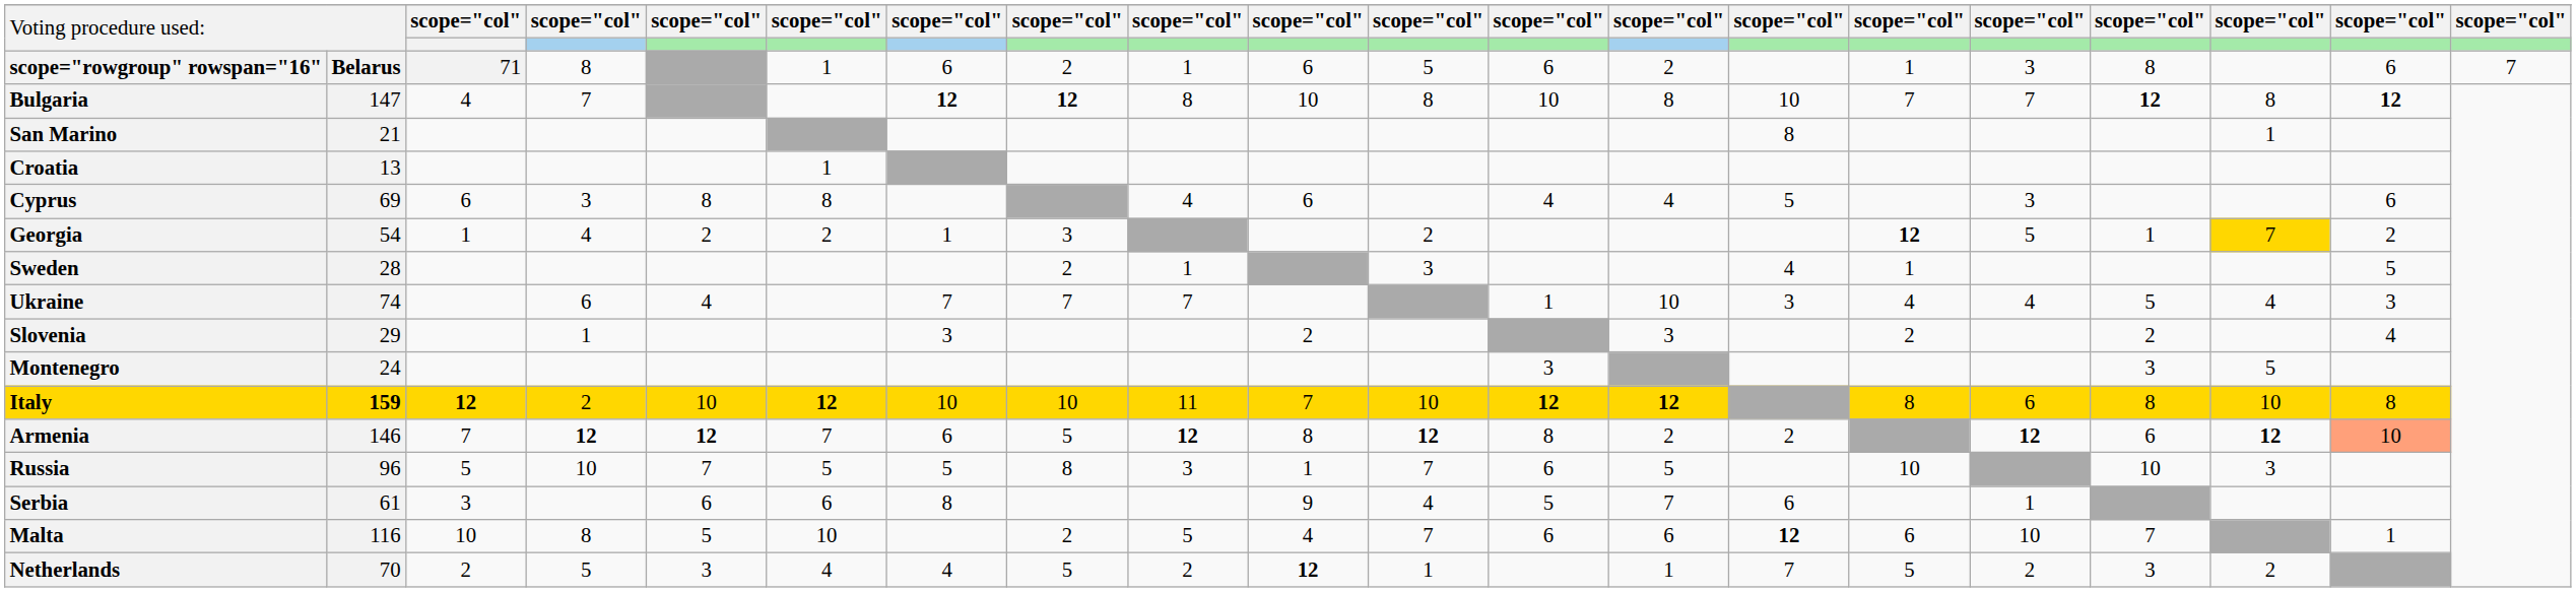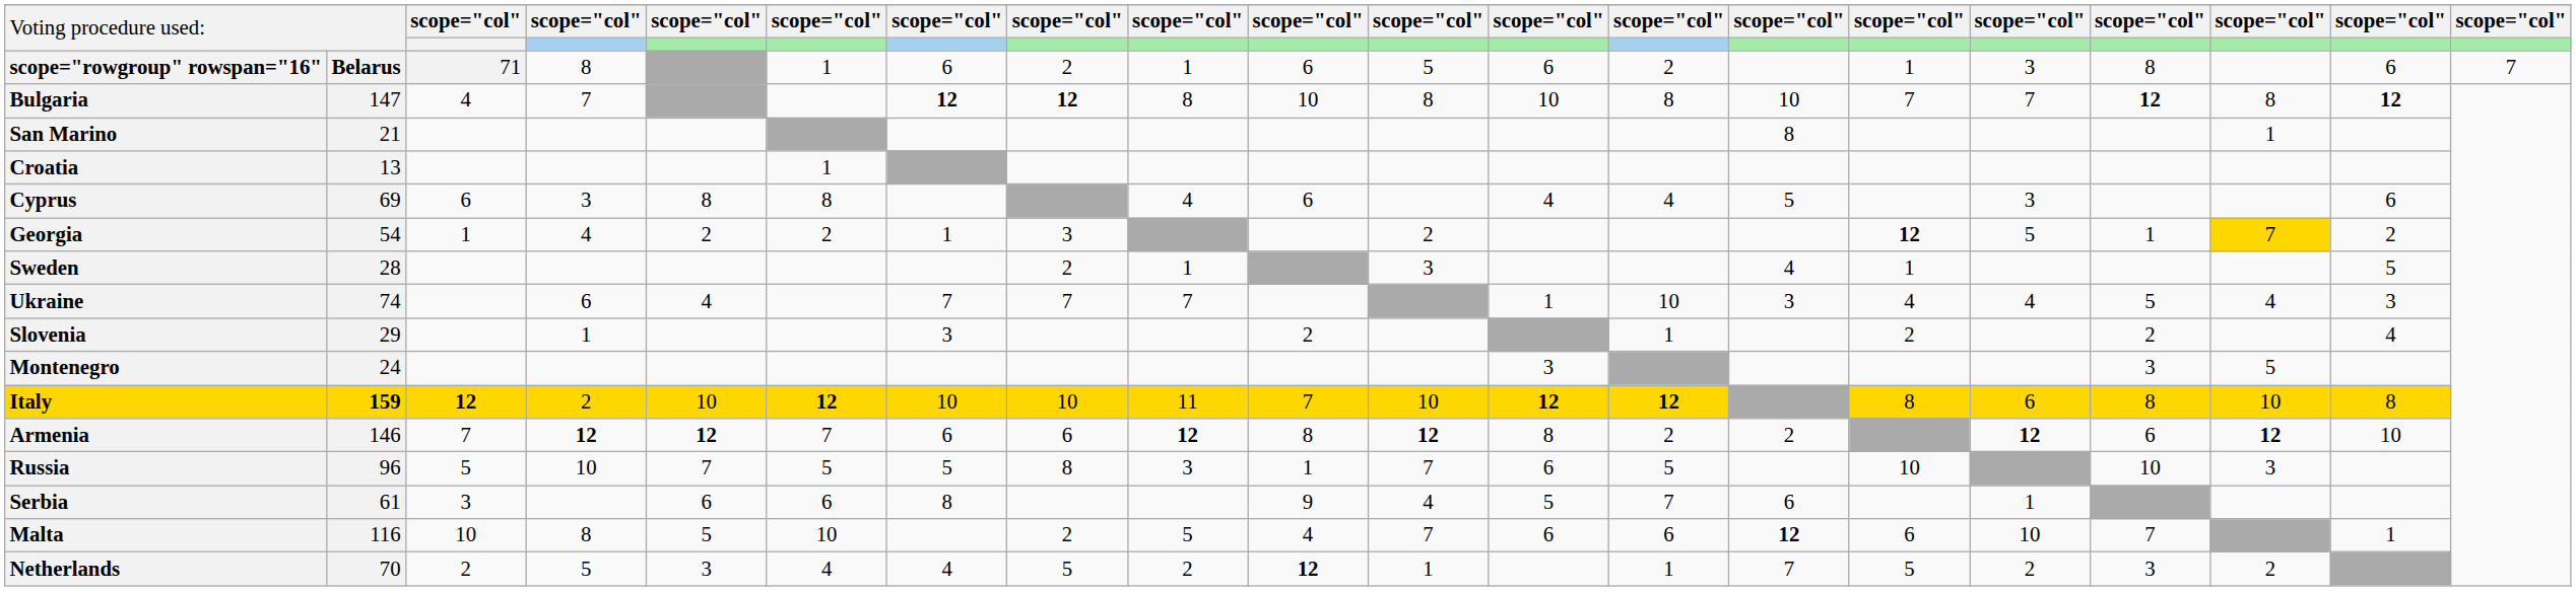 <table class="wikitable plainrowheaders" style="text-align:center;">
 <tr>
 </tr>
 <tr>
 <td colspan="2" rowspan="2" style="text-align:left; background:#F2F2F2">Voting procedure used:<br></td>
 <th>scope="col" </th>
 <th>scope="col" </th>
 <th>scope="col" </th>
 <th>scope="col" </th>
 <th>scope="col" </th>
 <th>scope="col" </th>
 <th>scope="col" </th>
 <th>scope="col" </th>
 <th>scope="col" </th>
 <th>scope="col" </th>
 <th>scope="col" </th>
 <th>scope="col" </th>
 <th>scope="col" </th>
 <th>scope="col" </th>
 <th>scope="col" </th>
 <th>scope="col" </th>
 <th>scope="col" </th>
 <th>scope="col" </th>
 </tr>
 <tr>
 <th style="height:2px; border-top:1px solid transparent;"></th>
 <th style="background:#A4D1EF;"></th>
 <th style="background:#A4EAA9;"></th>
 <th style="background:#A4EAA9;"></th>
 <th style="background:#A4D1EF;"></th>
 <th style="background:#A4EAA9;"></th>
 <th style="background:#A4EAA9;"></th>
 <th style="background:#A4EAA9;"></th>
 <th style="background:#A4EAA9;"></th>
 <th style="background:#A4EAA9;"></th>
 <th style="background:#A4D1EF;"></th>
 <th style="background:#A4EAA9;"></th>
 <th style="background:#A4EAA9;"></th>
 <th style="background:#A4EAA9;"></th>
 <th style="background:#A4EAA9;"></th>
 <th style="background:#A4EAA9;"></th>
 <th style="background:#A4EAA9;"></th>
 <th style="background:#A4EAA9;"></th>
 </tr>
 <tr>
 <th>scope="rowgroup" rowspan="16" </th>
 <th scope="row" style="text-align:left; background:#f2f2f2;">Belarus</th>
 <td style="text-align:right; background:#f2f2f2;">71</td>
 <td>8</td>
 <td style="text-align:left; background:#aaa;"></td>
 <td>1</td>
 <td>6</td>
 <td>2</td>
 <td>1</td>
 <td>6</td>
 <td>5</td>
 <td>6</td>
 <td>2</td>
 <td></td>
 <td>1</td>
 <td>3</td>
 <td>8</td>
 <td></td>
 <td>6</td>
 <td>7</td>
 </tr>
 <tr>
 <th scope="row" style="text-align:left; background:#f2f2f2;">Bulgaria</th>
 <td style="text-align:right; background:#f2f2f2;">147</td>
 <td>4</td>
 <td>7</td>
 <td style="text-align:left; background:#aaa;"></td>
 <td></td>
 <td><strong>12</strong></td>
 <td><strong>12</strong></td>
 <td>8</td>
 <td>10</td>
 <td>8</td>
 <td>10</td>
 <td>8</td>
 <td>10</td>
 <td>7</td>
 <td>7</td>
 <td><strong>12</strong></td>
 <td>8</td>
 <td><strong>12</strong></td>
 </tr>
 <tr>
 <th scope="row" style="text-align:left; background:#f2f2f2;">San Marino</th>
 <td style="text-align:right; background:#f2f2f2;">21</td>
 <td></td>
 <td></td>
 <td></td>
 <td style="text-align:left; background:#aaa;"></td>
 <td></td>
 <td></td>
 <td></td>
 <td></td>
 <td></td>
 <td></td>
 <td></td>
 <td>8</td>
 <td></td>
 <td></td>
 <td></td>
 <td>1</td>
 <td></td>
 </tr>
 <tr>
 <th scope="row" style="text-align:left; background:#f2f2f2;">Croatia</th>
 <td style="text-align:right; background:#f2f2f2;">13</td>
 <td></td>
 <td></td>
 <td></td>
 <td>1</td>
 <td style="text-align:left; background:#aaa;"></td>
 <td></td>
 <td></td>
 <td></td>
 <td></td>
 <td></td>
 <td></td>
 <td></td>
 <td></td>
 <td></td>
 <td></td>
 <td></td>
 <td></td>
 </tr>
 <tr>
 <th scope="row" style="text-align:left; background:#f2f2f2;">Cyprus</th>
 <td style="text-align:right; background:#f2f2f2;">69</td>
 <td>6</td>
 <td>3</td>
 <td>8</td>
 <td>8</td>
 <td></td>
 <td style="text-align:left; background:#aaa;"></td>
 <td>4</td>
 <td>6</td>
 <td></td>
 <td>4</td>
 <td>4</td>
 <td>5</td>
 <td></td>
 <td>3</td>
 <td></td>
 <td></td>
 <td>6</td>
 </tr>
 <tr>
 <th scope="row" style="text-align:left; background:#f2f2f2;">Georgia</th>
 <td style="text-align:right; background:#f2f2f2;">54</td>
 <td>1</td>
 <td>4</td>
 <td>2</td>
 <td>2</td>
 <td>1</td>
 <td>3</td>
 <td style="text-align:left; background:#aaa;"></td>
 <td></td>
 <td>2</td>
 <td></td>
 <td></td>
 <td></td>
 <td><strong>12</strong></td>
 <td>5</td>
 <td>1</td>
 <td style="background: gold;">7</td>
 <td>2</td>
 </tr>
 <tr>
 <th scope="row" style="text-align:left; background:#f2f2f2;">Sweden</th>
 <td style="text-align:right; background:#f2f2f2;">28</td>
 <td></td>
 <td></td>
 <td></td>
 <td></td>
 <td></td>
 <td>2</td>
 <td>1</td>
 <td style="text-align:left; background:#aaa;"></td>
 <td>3</td>
 <td></td>
 <td></td>
 <td>4</td>
 <td>1</td>
 <td></td>
 <td></td>
 <td></td>
 <td>5</td>
 </tr>
 <tr>
 <th scope="row" style="text-align:left; background:#f2f2f2;">Ukraine</th>
 <td style="text-align:right; background:#f2f2f2;">74</td>
 <td></td>
 <td>6</td>
 <td>4</td>
 <td></td>
 <td>7</td>
 <td>7</td>
 <td>7</td>
 <td></td>
 <td style="text-align:left; background:#aaa;"></td>
 <td>1</td>
 <td>10</td>
 <td>3</td>
 <td>4</td>
 <td>4</td>
 <td>5</td>
 <td>4</td>
 <td>3</td>
 </tr>
 <tr>
 <th scope="row" style="text-align:left; background:#f2f2f2;">Slovenia</th>
 <td style="text-align:right; background:#f2f2f2;">29</td>
 <td></td>
 <td>1</td>
 <td></td>
 <td></td>
 <td>3</td>
 <td></td>
 <td></td>
 <td>2</td>
 <td></td>
 <td style="text-align:left; background:#aaa;"></td>
-<td>3</td>
+<td>1</td>
 <td></td>
 <td>2</td>
 <td></td>
 <td>2</td>
 <td></td>
 <td>4</td>
 </tr>
 <tr>
 <th scope="row" style="text-align:left; background:#f2f2f2;">Montenegro</th>
 <td style="text-align:right; background:#f2f2f2;">24</td>
 <td></td>
 <td></td>
 <td></td>
 <td></td>
 <td></td>
 <td></td>
 <td></td>
 <td></td>
 <td></td>
 <td>3</td>
 <td style="text-align:left; background:#aaa;"></td>
 <td></td>
 <td></td>
 <td></td>
 <td>3</td>
 <td>5</td>
 <td></td>
 </tr>
 <tr style="background:gold;">
 <th scope="row" style="text-align:left; font-weight:bold; background:gold;">Italy</th>
 <td style="text-align:right; font-weight:bold;">159</td>
 <td><strong>12</strong></td>
 <td>2</td>
 <td>10</td>
 <td><strong>12</strong></td>
 <td>10</td>
 <td>10</td>
 <td>11</td>
 <td>7</td>
 <td>10</td>
 <td><strong>12</strong></td>
 <td><strong>12</strong></td>
 <td style="text-align:left; background:#aaa;"></td>
 <td>8</td>
 <td>6</td>
 <td>8</td>
 <td>10</td>
 <td>8</td>
 </tr>
 <tr>
 <th scope="row" style="text-align:left; background:#f2f2f2;">Armenia</th>
 <td style="text-align:right; background:#f2f2f2;">146</td>
 <td>7</td>
 <td><strong>12</strong></td>
 <td><strong>12</strong></td>
 <td>7</td>
 <td>6</td>
-<td>5</td>
+<td>6</td>
 <td><strong>12</strong></td>
 <td>8</td>
 <td><strong>12</strong></td>
 <td>8</td>
 <td>2</td>
 <td>2</td>
 <td style="text-align:left; background:#aaa;"></td>
 <td><strong>12</strong></td>
 <td>6</td>
 <td><strong>12</strong></td>
-<td style="background: lightsalmon;">10</td>
+<td>10</td>
 </tr>
 <tr>
 <th scope="row" style="text-align:left; background:#f2f2f2;">Russia</th>
 <td style="text-align:right; background:#f2f2f2;">96</td>
 <td>5</td>
 <td>10</td>
 <td>7</td>
 <td>5</td>
 <td>5</td>
 <td>8</td>
 <td>3</td>
 <td>1</td>
 <td>7</td>
 <td>6</td>
 <td>5</td>
 <td></td>
 <td>10</td>
 <td style="text-align:left; background:#aaa;"></td>
 <td>10</td>
 <td>3</td>
 <td></td>
 </tr>
 <tr>
 <th scope="row" style="text-align:left; background:#f2f2f2;">Serbia</th>
 <td style="text-align:right; background:#f2f2f2;">61</td>
 <td>3</td>
 <td></td>
 <td>6</td>
 <td>6</td>
 <td>8</td>
 <td></td>
 <td></td>
 <td>9</td>
 <td>4</td>
 <td>5</td>
 <td>7</td>
 <td>6</td>
 <td></td>
 <td>1</td>
 <td style="text-align:left; background:#aaa;"></td>
 <td></td>
 <td></td>
 </tr>
 <tr>
 <th scope="row" style="text-align:left; background:#f2f2f2;">Malta</th>
 <td style="text-align:right; background:#f2f2f2;">116</td>
 <td>10</td>
 <td>8</td>
 <td>5</td>
 <td>10</td>
 <td></td>
 <td>2</td>
 <td>5</td>
 <td>4</td>
 <td>7</td>
 <td>6</td>
 <td>6</td>
 <td><strong>12</strong></td>
 <td>6</td>
 <td>10</td>
 <td>7</td>
 <td style="text-align:left; background:#aaa;"></td>
 <td>1</td>
 </tr>
 <tr>
 <th scope="row" style="text-align:left; background:#f2f2f2;">Netherlands</th>
 <td style="text-align:right; background:#f2f2f2;">70</td>
 <td>2</td>
 <td>5</td>
 <td>3</td>
 <td>4</td>
 <td>4</td>
 <td>5</td>
 <td>2</td>
 <td><strong>12</strong></td>
 <td>1</td>
 <td></td>
 <td>1</td>
 <td>7</td>
 <td>5</td>
 <td>2</td>
 <td>3</td>
 <td>2</td>
 <td style="text-align:left; background:#aaa;"></td>
 </tr>
 </table>
